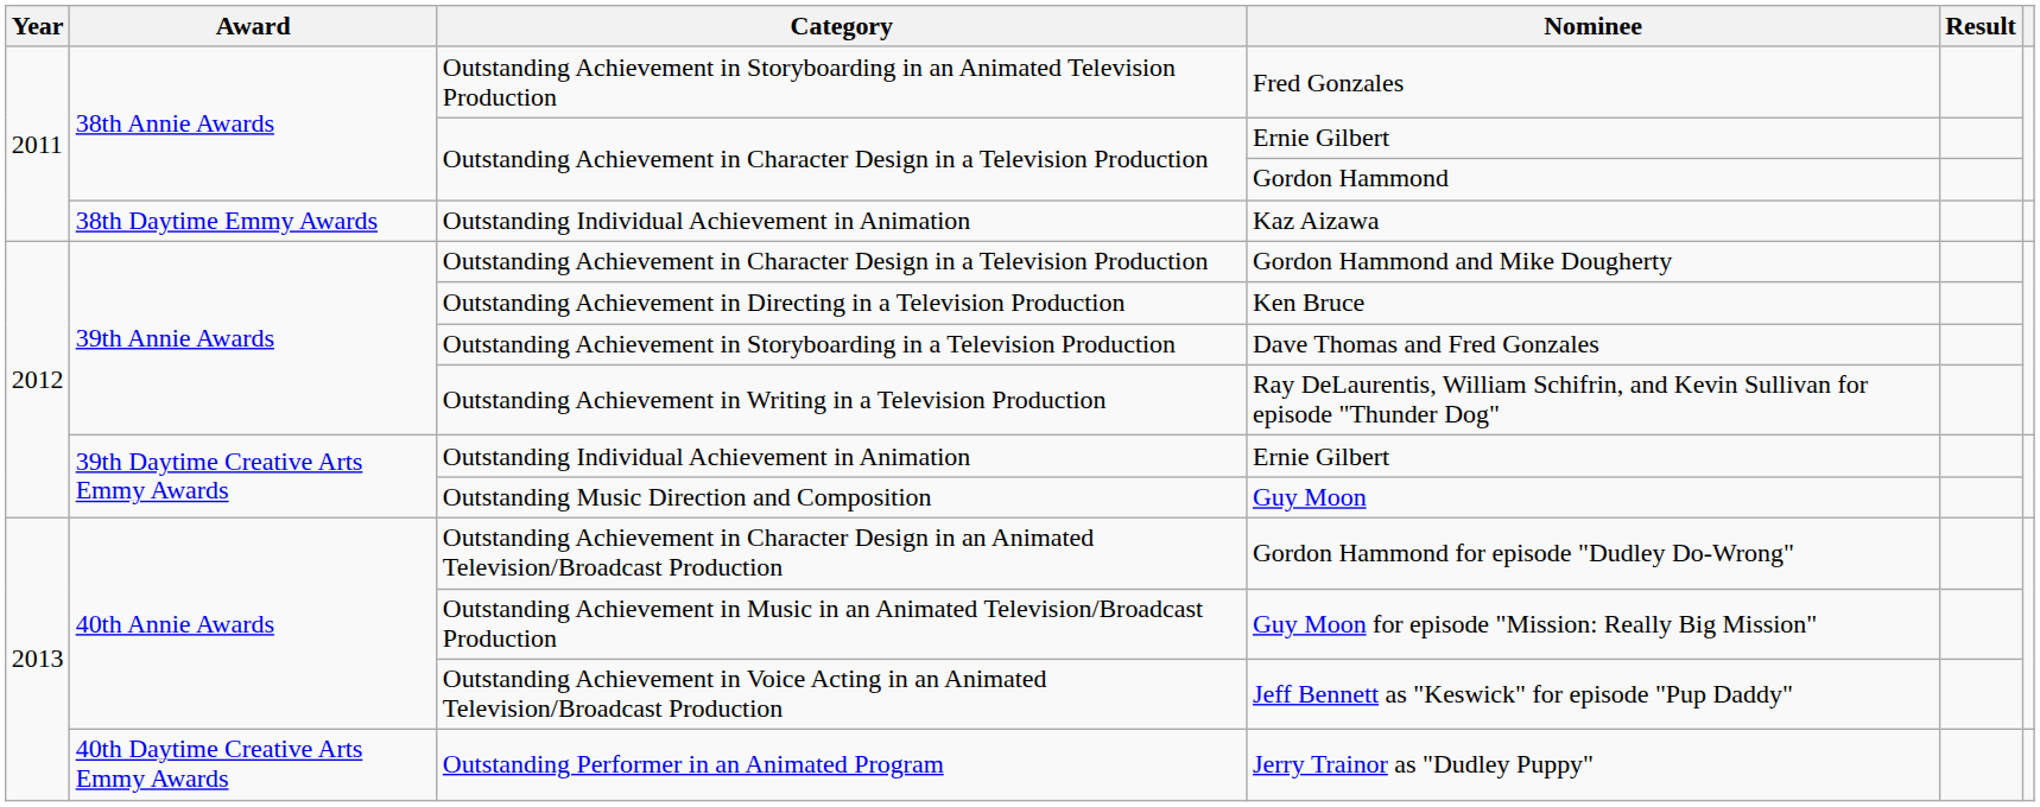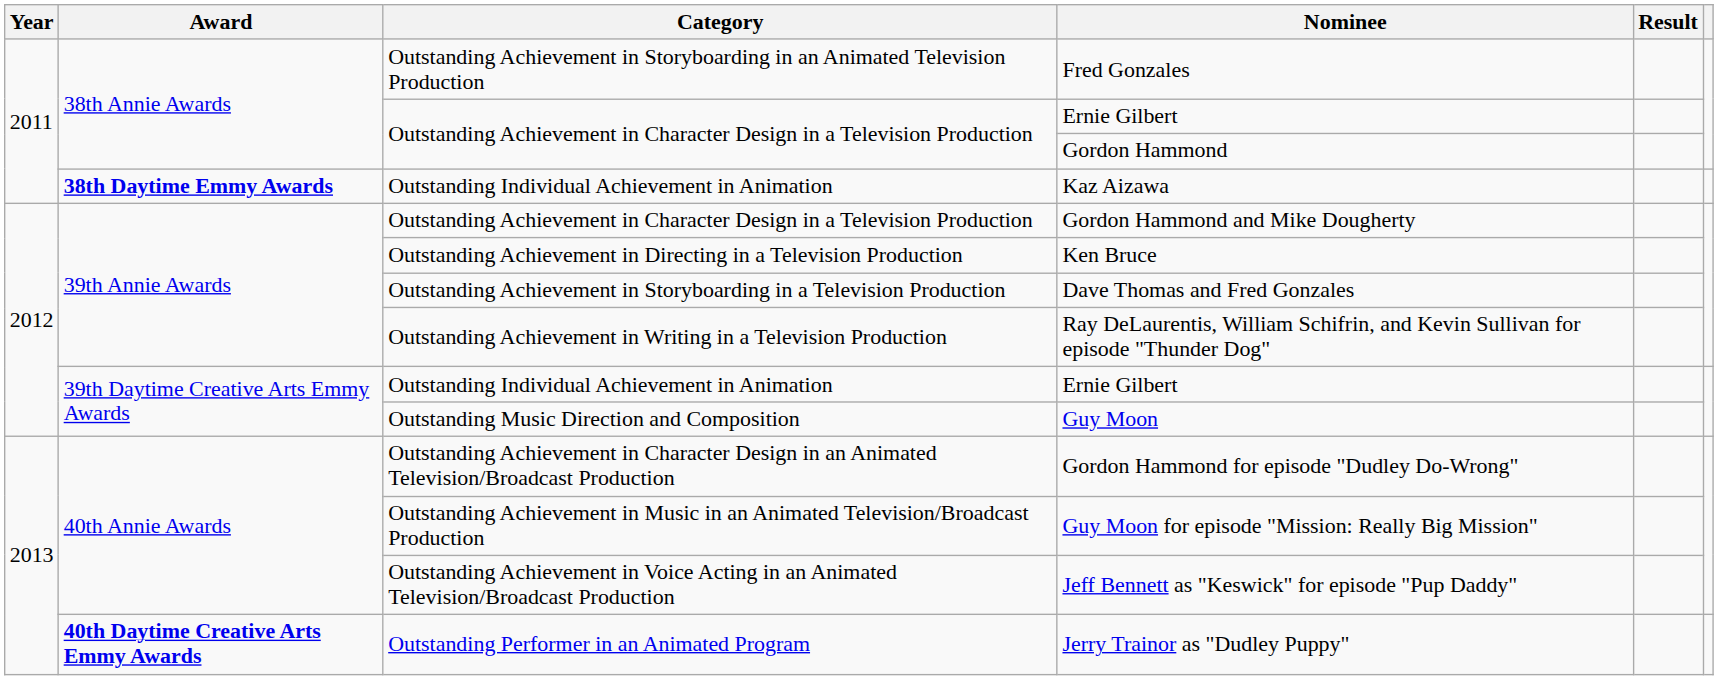 <table class="wikitable sortable">
 <tr>
 <th>Year</th>
 <th>Award</th>
 <th>Category</th>
 <th>Nominee</th>
 <th>Result</th>
 <th></th>
 </tr>
 <tr>
 <td rowspan="4">2011</td>
 <td rowspan="3"><a href='#'>38th Annie Awards</a></td>
 <td>Outstanding Achievement in Storyboarding in an Animated Television Production</td>
 <td>Fred Gonzales</td>
 <td></td>
 <td rowspan="3" style="text-align:center;"></td>
 </tr>
 <tr>
 <td rowspan="2">Outstanding Achievement in Character Design in a Television Production</td>
 <td>Ernie Gilbert</td>
 <td></td>
 </tr>
 <tr>
 <td>Gordon Hammond</td>
 <td></td>
 </tr>
 <tr>
-<td><a href='#'>38th Daytime Emmy Awards</a></td>
+<td><strong><a href='#'>38th Daytime Emmy Awards</a></strong></td>
 <td>Outstanding Individual Achievement in Animation</td>
 <td>Kaz Aizawa</td>
 <td></td>
 <td align=center></td>
 </tr>
 <tr>
 <td rowspan="6">2012</td>
 <td rowspan="4"><a href='#'>39th Annie Awards</a></td>
 <td>Outstanding Achievement in Character Design in a Television Production</td>
 <td>Gordon Hammond and Mike Dougherty</td>
 <td></td>
 <td rowspan="4" style="text-align:center;"></td>
 </tr>
 <tr>
 <td>Outstanding Achievement in Directing in a Television Production</td>
 <td>Ken Bruce</td>
 <td></td>
 </tr>
 <tr>
 <td>Outstanding Achievement in Storyboarding in a Television Production</td>
 <td>Dave Thomas and Fred Gonzales</td>
 <td></td>
 </tr>
 <tr>
 <td>Outstanding Achievement in Writing in a Television Production</td>
 <td>Ray DeLaurentis, William Schifrin, and Kevin Sullivan for episode "Thunder Dog"</td>
 <td></td>
 </tr>
 <tr>
 <td rowspan="2"><a href='#'>39th Daytime Creative Arts Emmy Awards</a></td>
 <td>Outstanding Individual Achievement in Animation</td>
 <td>Ernie Gilbert</td>
 <td></td>
 <td rowspan="2" style="text-align:center;"></td>
 </tr>
 <tr>
 <td>Outstanding Music Direction and Composition</td>
 <td><a href='#'>Guy Moon</a></td>
 <td></td>
 </tr>
 <tr>
 <td rowspan="4">2013</td>
 <td rowspan="3"><a href='#'>40th Annie Awards</a></td>
 <td>Outstanding Achievement in Character Design in an Animated Television/Broadcast Production</td>
 <td>Gordon Hammond for episode "Dudley Do-Wrong"</td>
 <td></td>
 <td rowspan="3" style="text-align:center;"></td>
 </tr>
 <tr>
 <td>Outstanding Achievement in Music in an Animated Television/Broadcast Production</td>
 <td><a href='#'>Guy Moon</a> for episode "Mission: Really Big Mission"</td>
 <td></td>
 </tr>
 <tr>
 <td>Outstanding Achievement in Voice Acting in an Animated Television/Broadcast Production</td>
 <td><a href='#'>Jeff Bennett</a> as "Keswick" for episode "Pup Daddy"</td>
 <td></td>
 </tr>
 <tr>
-<td><a href='#'>40th Daytime Creative Arts Emmy Awards</a></td>
+<td><strong><a href='#'>40th Daytime Creative Arts Emmy Awards</a></strong></td>
 <td><a href='#'>Outstanding Performer in an Animated Program</a></td>
 <td><a href='#'>Jerry Trainor</a> as "Dudley Puppy"</td>
 <td></td>
 <td align=center></td>
 </tr>
 </table>
